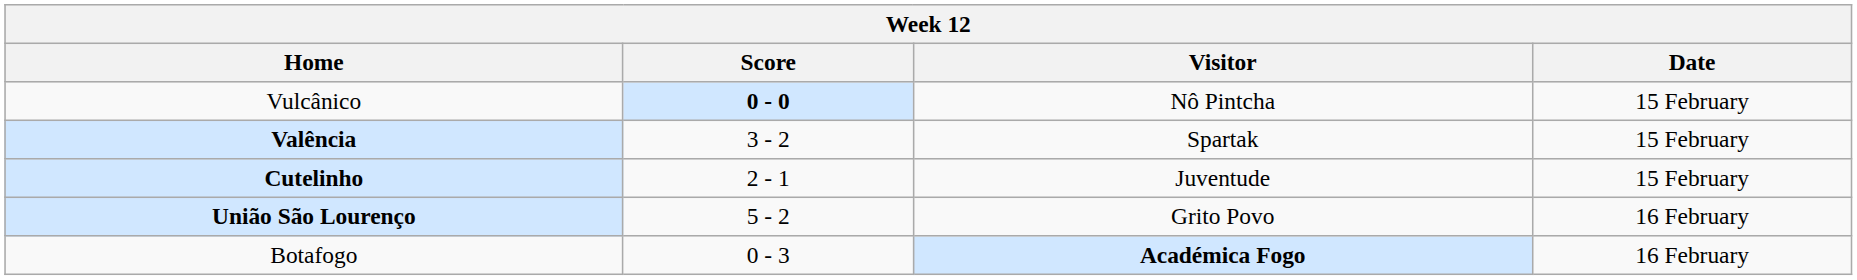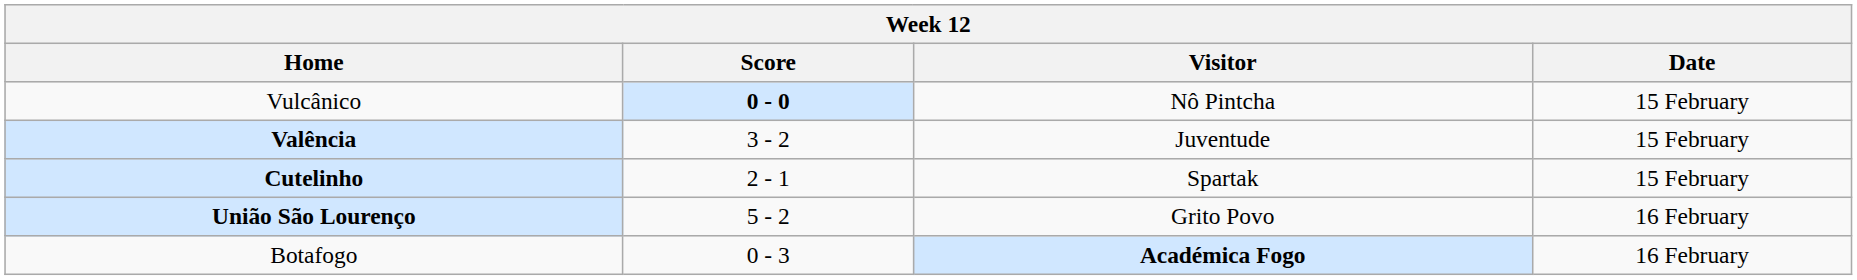 <table class="wikitable" style="margin:1em auto; font-size:95%; text-align: center; width: 95%;">
 <tr>
 <th colspan="12"  style="with:100%; text-align:center;">Week 12</th>
 </tr>
 <tr>
 <th style="width:200px;">Home</th>
 <th width="90">Score</th>
 <th style="width:200px;">Visitor</th>
 <th style="width:100px;">Date</th>
 </tr>
 <tr align=center>
 <td>Vulcânico</td>
 <td style="background:#d0e7ff;"><strong>0 - 0</strong></td>
 <td>Nô Pintcha</td>
 <td>15 February</td>
 </tr>
 <tr align=center>
 <td style="background:#d0e7ff;"><strong>Valência</strong></td>
 <td>3 - 2</td>
-<td>Spartak</td>
+<td>Juventude</td>
 <td>15 February</td>
 </tr>
 <tr align=center>
 <td style="background:#d0e7ff;"><strong>Cutelinho</strong></td>
 <td>2 - 1</td>
-<td>Juventude</td>
+<td>Spartak</td>
 <td>15 February</td>
 </tr>
 <tr align=center>
 <td style="background:#d0e7ff;"><strong>União São Lourenço</strong></td>
 <td>5 - 2</td>
 <td>Grito Povo</td>
 <td>16 February</td>
 </tr>
 <tr align=center>
 <td>Botafogo</td>
 <td>0 - 3</td>
 <td style="background:#d0e7ff;"><strong>Académica Fogo</strong></td>
 <td>16 February</td>
 </tr>
 </table>
